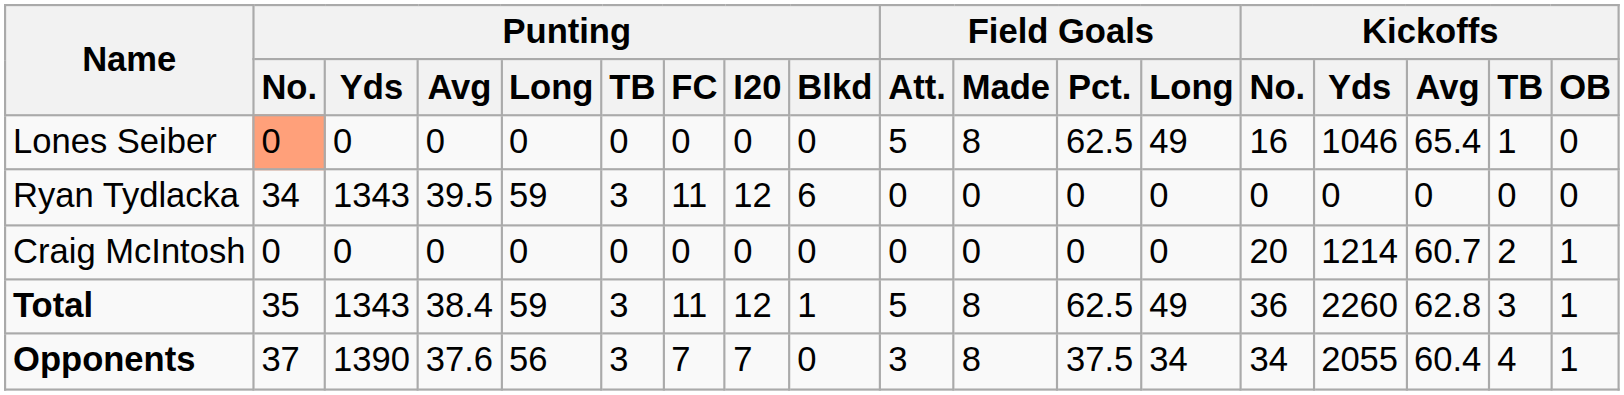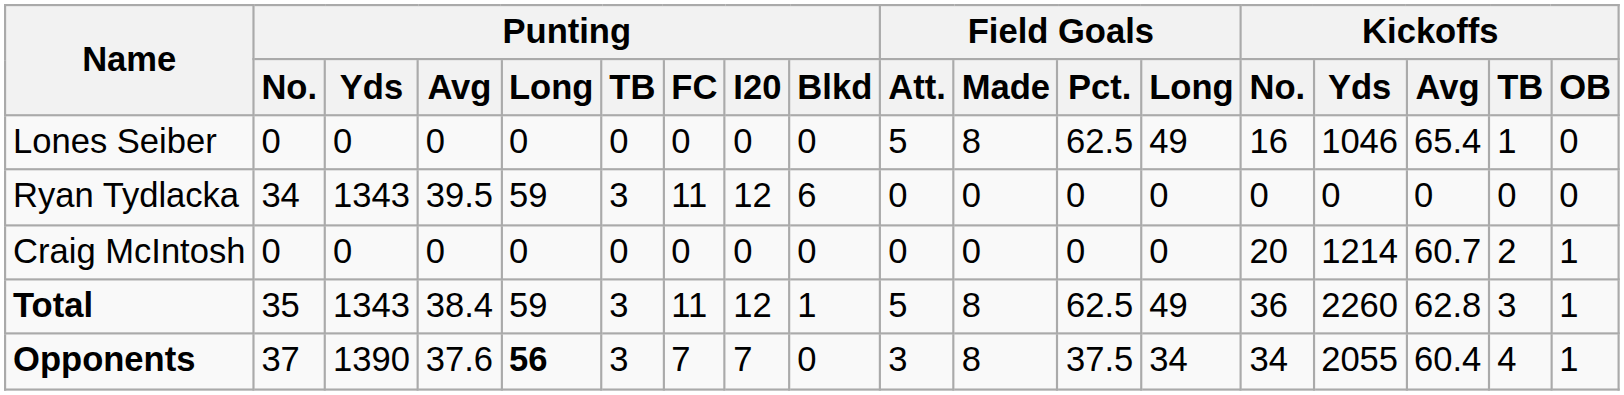 <table class="wikitable" style="white-space:nowrap;">
 <tr>
 <th rowspan="2">Name</th>
 <th colspan="8">Punting</th>
 <th colspan="4">Field Goals</th>
 <th colspan="5">Kickoffs</th>
 </tr>
 <tr>
 <th>No.</th>
 <th>Yds</th>
 <th>Avg</th>
 <th>Long</th>
 <th>TB</th>
 <th>FC</th>
 <th>I20</th>
 <th>Blkd</th>
 <th>Att.</th>
 <th>Made</th>
 <th>Pct.</th>
 <th>Long</th>
 <th>No.</th>
 <th>Yds</th>
 <th>Avg</th>
 <th>TB</th>
 <th>OB</th>
 </tr>
 <tr>
 <td>Lones Seiber</td>
-<td style="background: lightsalmon;">0</td>
+<td>0</td>
 <td>0</td>
 <td>0</td>
 <td>0</td>
 <td>0</td>
 <td>0</td>
 <td>0</td>
 <td>0</td>
 <td>5</td>
 <td>8</td>
 <td>62.5</td>
 <td>49</td>
 <td>16</td>
 <td>1046</td>
 <td>65.4</td>
 <td>1</td>
 <td>0</td>
 </tr>
 <tr>
 <td>Ryan Tydlacka</td>
 <td>34</td>
 <td>1343</td>
 <td>39.5</td>
 <td>59</td>
 <td>3</td>
 <td>11</td>
 <td>12</td>
 <td>6</td>
 <td>0</td>
 <td>0</td>
 <td>0</td>
 <td>0</td>
 <td>0</td>
 <td>0</td>
 <td>0</td>
 <td>0</td>
 <td>0</td>
 </tr>
 <tr>
 <td>Craig McIntosh</td>
 <td>0</td>
 <td>0</td>
 <td>0</td>
 <td>0</td>
 <td>0</td>
 <td>0</td>
 <td>0</td>
 <td>0</td>
 <td>0</td>
 <td>0</td>
 <td>0</td>
 <td>0</td>
 <td>20</td>
 <td>1214</td>
 <td>60.7</td>
 <td>2</td>
 <td>1</td>
 </tr>
 <tr>
 <td><strong>Total</strong></td>
 <td>35</td>
 <td>1343</td>
 <td>38.4</td>
 <td>59</td>
 <td>3</td>
 <td>11</td>
 <td>12</td>
 <td>1</td>
 <td>5</td>
 <td>8</td>
 <td>62.5</td>
 <td>49</td>
 <td>36</td>
 <td>2260</td>
 <td>62.8</td>
 <td>3</td>
 <td>1</td>
 </tr>
 <tr>
 <td><strong>Opponents</strong></td>
 <td>37</td>
 <td>1390</td>
 <td>37.6</td>
-<td>56</td>
+<td><strong>56</strong></td>
 <td>3</td>
 <td>7</td>
 <td>7</td>
 <td>0</td>
 <td>3</td>
 <td>8</td>
 <td>37.5</td>
 <td>34</td>
 <td>34</td>
 <td>2055</td>
 <td>60.4</td>
 <td>4</td>
 <td>1</td>
 </tr>
 </table>
